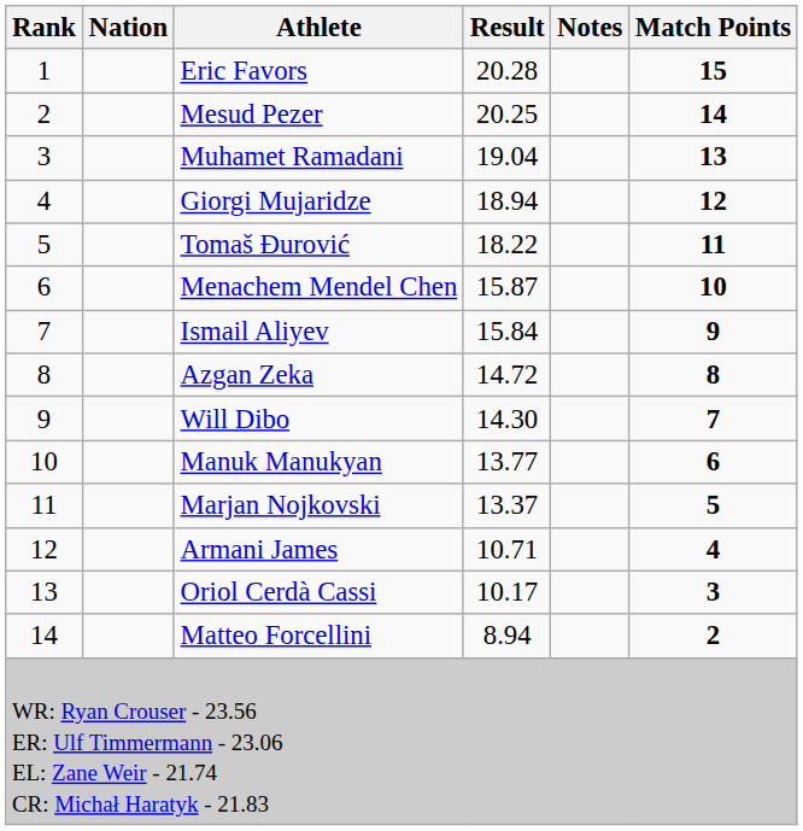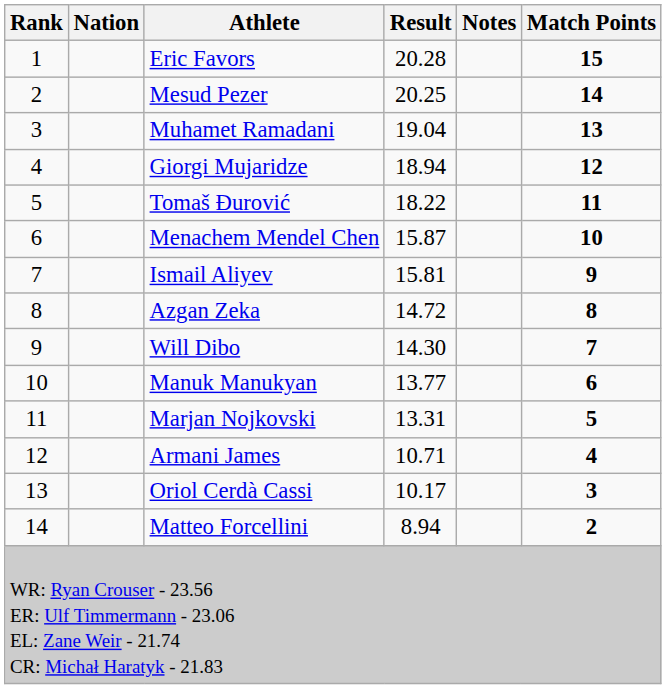 <table class="wikitable sortable" style="text-align:left;">
 <tr>
 <th>Rank</th>
 <th>Nation</th>
 <th>Athlete</th>
 <th>Result</th>
 <th>Notes</th>
 <th>Match Points</th>
 </tr>
 <tr>
 <td align=center>1</td>
 <td></td>
 <td><a href='#'>Eric Favors</a></td>
 <td align=center>20.28</td>
 <td></td>
 <td align=center><strong>15</strong></td>
 </tr>
 <tr>
 <td align=center>2</td>
 <td></td>
 <td><a href='#'>Mesud Pezer</a></td>
 <td align=center>20.25</td>
 <td></td>
 <td align=center><strong>14</strong></td>
 </tr>
 <tr>
 <td align=center>3</td>
 <td></td>
 <td><a href='#'>Muhamet Ramadani</a></td>
 <td align=center>19.04</td>
 <td></td>
 <td align=center><strong>13</strong></td>
 </tr>
 <tr>
 <td align=center>4</td>
 <td></td>
 <td><a href='#'>Giorgi Mujaridze</a></td>
 <td align=center>18.94</td>
 <td></td>
 <td align=center><strong>12</strong></td>
 </tr>
 <tr>
 <td align=center>5</td>
 <td></td>
 <td><a href='#'>Tomaš Đurović</a></td>
 <td align=center>18.22</td>
 <td></td>
 <td align=center><strong>11</strong></td>
 </tr>
 <tr>
 <td align=center>6</td>
 <td></td>
 <td><a href='#'>Menachem Mendel Chen</a></td>
 <td align=center>15.87</td>
 <td></td>
 <td align=center><strong>10</strong></td>
 </tr>
 <tr>
 <td align=center>7</td>
 <td></td>
 <td><a href='#'>Ismail Aliyev</a></td>
-<td align=center>15.84</td>
+<td align=center>15.81</td>
 <td></td>
 <td align=center><strong>9</strong></td>
 </tr>
 <tr>
 <td align=center>8</td>
 <td></td>
 <td><a href='#'>Azgan Zeka</a></td>
 <td align=center>14.72</td>
 <td></td>
 <td align=center><strong>8</strong></td>
 </tr>
 <tr>
 <td align=center>9</td>
 <td></td>
 <td><a href='#'>Will Dibo</a></td>
 <td align=center>14.30</td>
 <td></td>
 <td align=center><strong>7</strong></td>
 </tr>
 <tr>
 <td align=center>10</td>
 <td></td>
 <td><a href='#'>Manuk Manukyan</a></td>
 <td align=center>13.77</td>
 <td align=center></td>
 <td align=center><strong>6</strong></td>
 </tr>
 <tr>
 <td align=center>11</td>
 <td></td>
 <td><a href='#'>Marjan Nojkovski</a></td>
-<td align=center>13.37</td>
+<td align=center>13.31</td>
 <td align=center></td>
 <td align=center><strong>5</strong></td>
 </tr>
 <tr>
 <td align=center>12</td>
 <td></td>
 <td><a href='#'>Armani James</a></td>
 <td align=center>10.71</td>
 <td align=center></td>
 <td align=center><strong>4</strong></td>
 </tr>
 <tr>
 <td align=center>13</td>
 <td></td>
 <td><a href='#'>Oriol Cerdà Cassi</a></td>
 <td align=center>10.17</td>
 <td align=center></td>
 <td align=center><strong>3</strong></td>
 </tr>
 <tr>
 <td align=center>14</td>
 <td></td>
 <td><a href='#'>Matteo Forcellini</a></td>
 <td align=center>8.94</td>
 <td align=center></td>
 <td align=center><strong>2</strong></td>
 </tr>
 <tr>
 <td colspan="6" bgcolor="#cccccc"><br> <small>WR:   <a href='#'>Ryan Crouser</a> - 23.56<br>ER:  <a href='#'>Ulf Timmermann</a> - 23.06<br></small> <small>EL:   <a href='#'>Zane Weir</a> - 21.74<br>CR:  <a href='#'>Michał Haratyk</a> - 21.83</small></td>
 </tr>
 </table>
